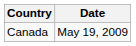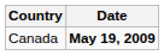 <table class="wikitable">
 <tr>
 <th>Country</th>
 <th>Date</th>
 </tr>
 <tr>
 <td>Canada</td>
-<td>May 19, 2009</td>
+<td><strong>May 19, 2009</strong></td>
 </tr>
 </table>
